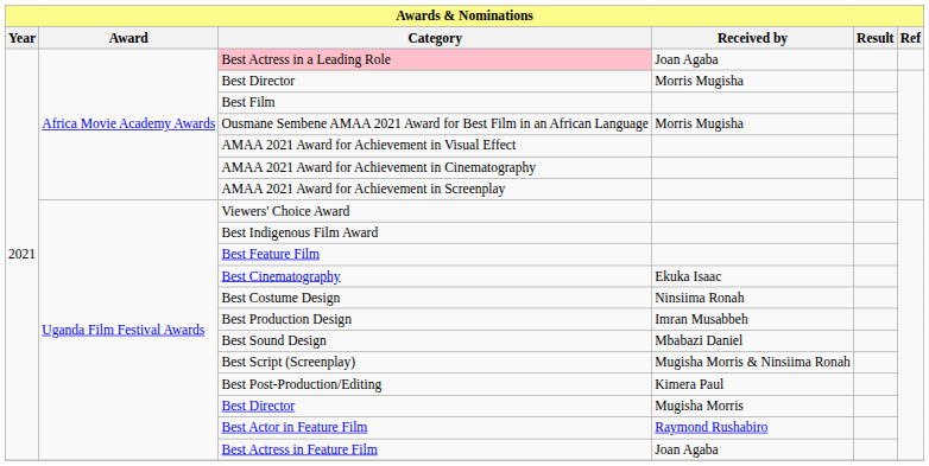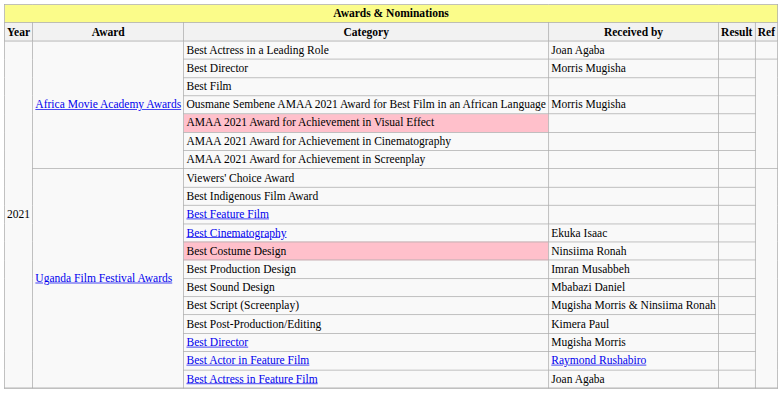 <table class="wikitable" width="">
 <tr>
 <th colspan="6" style="background: #FBFC8A;">Awards & Nominations</th>
 </tr>
 <tr style="background:#ccc; text-align:center;">
 <th>Year</th>
 <th>Award</th>
 <th>Category</th>
 <th>Received by</th>
 <th>Result</th>
 <th>Ref</th>
 </tr>
 <tr>
 <td rowspan="19">2021</td>
 <td rowspan="7"><a href='#'>Africa Movie Academy Awards</a></td>
-<td style="background: pink;">Best Actress in a Leading Role</td>
+<td>Best Actress in a Leading Role</td>
 <td>Joan Agaba</td>
 <td></td>
 <td></td>
 </tr>
 <tr>
 <td>Best Director</td>
 <td>Morris Mugisha</td>
 <td></td>
 <td rowspan="6"></td>
 </tr>
 <tr>
 <td>Best Film</td>
 <td></td>
 <td></td>
 </tr>
 <tr>
 <td>Ousmane Sembene AMAA 2021 Award for Best Film in an African Language</td>
 <td>Morris Mugisha</td>
 <td></td>
 </tr>
 <tr>
-<td>AMAA 2021 Award for Achievement in Visual Effect</td>
+<td style="background: pink;">AMAA 2021 Award for Achievement in Visual Effect</td>
 <td></td>
 <td></td>
 </tr>
 <tr>
 <td>AMAA 2021 Award for Achievement in Cinematography</td>
 <td></td>
 <td></td>
 </tr>
 <tr>
 <td>AMAA 2021 Award for Achievement in Screenplay</td>
 <td></td>
 <td></td>
 </tr>
 <tr>
 <td rowspan="12"><a href='#'>Uganda Film Festival Awards</a></td>
 <td>Viewers' Choice Award</td>
 <td></td>
 <td></td>
 <td rowspan="12"></td>
 </tr>
 <tr>
 <td>Best Indigenous Film Award</td>
 <td></td>
 <td></td>
 </tr>
 <tr>
 <td><a href='#'>Best Feature Film</a></td>
 <td></td>
 <td></td>
 </tr>
 <tr>
 <td><a href='#'>Best Cinematography</a></td>
 <td>Ekuka Isaac</td>
 <td></td>
 </tr>
 <tr>
-<td>Best Costume Design</td>
+<td style="background: pink;">Best Costume Design</td>
 <td>Ninsiima Ronah</td>
 <td></td>
 </tr>
 <tr>
 <td>Best Production Design</td>
 <td>Imran Musabbeh</td>
 <td></td>
 </tr>
 <tr>
 <td>Best Sound Design</td>
 <td>Mbabazi Daniel</td>
 <td></td>
 </tr>
 <tr>
 <td>Best Script (Screenplay)</td>
 <td>Mugisha Morris & Ninsiima Ronah</td>
 <td></td>
 </tr>
 <tr>
 <td>Best Post-Production/Editing</td>
 <td>Kimera Paul</td>
 <td></td>
 </tr>
 <tr>
 <td><a href='#'>Best Director</a></td>
 <td>Mugisha Morris</td>
 <td></td>
 </tr>
 <tr>
 <td><a href='#'>Best Actor in Feature Film</a></td>
 <td><a href='#'>Raymond Rushabiro</a></td>
 <td></td>
 </tr>
 <tr>
 <td><a href='#'>Best Actress in Feature Film</a></td>
 <td>Joan Agaba</td>
 <td></td>
 </tr>
 <tr>
 </tr>
 </table>
